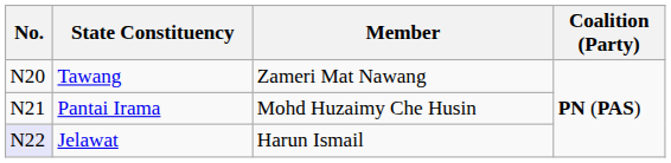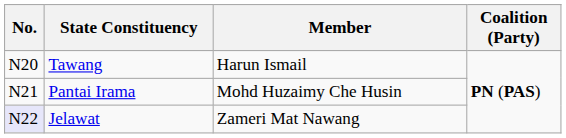 <table class="wikitable">
 <tr>
 <th width="30">No.</th>
 <th width="150">State Constituency</th>
 <th width="230">Member</th>
 <th width="80">Coalition (Party)</th>
 </tr>
 <tr>
 <td>N20</td>
 <td><a href='#'>Tawang</a></td>
-<td>Zameri Mat Nawang</td>
+<td>Harun Ismail</td>
 <td rowspan=3 style="background:"><strong>PN</strong> (<strong>PAS</strong>)</td>
 </tr>
 <tr>
 <td>N21</td>
 <td><a href='#'>Pantai Irama</a></td>
 <td>Mohd Huzaimy Che Husin</td>
 </tr>
 <tr>
 <td style="background: lavender;">N22</td>
 <td><a href='#'>Jelawat</a></td>
-<td>Harun Ismail</td>
+<td>Zameri Mat Nawang</td>
 </tr>
 </table>
